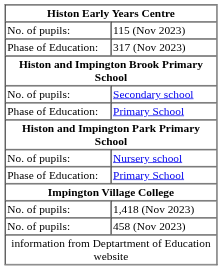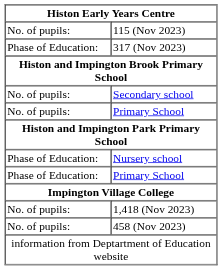 <table border=1 cellpadding="2" cellspacing="0" align="right" width=300 style=margin-left:10px>
 <tr>
 <th colspan=2 align=center>Histon Early Years Centre</th>
 </tr>
 <tr>
 <td width="50%">No. of pupils:</td>
 <td>115 (Nov 2023)</td>
 </tr>
 <tr>
 <td width="50%">Phase of Education:</td>
 <td>317 (Nov 2023)</td>
 </tr>
 <tr>
 <th colspan=2 align=center>Histon and Impington Brook Primary School</th>
 </tr>
 <tr>
 </tr>
 <tr>
 <td width="50%">No. of pupils:</td>
 <td><a href='#'>Secondary school</a></td>
 </tr>
 <tr>
-<td width="50%">Phase of Education:</td>
+<td width="50%">No. of pupils:</td>
 <td><a href='#'>Primary School</a></td>
 </tr>
 <tr>
 <th colspan=2 align=center>Histon and Impington Park Primary School</th>
 </tr>
 <tr>
 </tr>
 <tr>
-<td width="50%">No. of pupils:</td>
+<td width="50%">Phase of Education:</td>
 <td><a href='#'>Nursery school</a></td>
 </tr>
 <tr>
 <td width="50%">Phase of Education:</td>
 <td><a href='#'>Primary School</a></td>
 </tr>
 <tr>
 <th colspan=2 align=center>Impington Village College</th>
 </tr>
 <tr>
 </tr>
 <tr>
 <td width="50%">No. of pupils:</td>
 <td>1,418 (Nov 2023)</td>
 </tr>
 <tr>
 <td width="50%">No. of pupils:</td>
 <td>458 (Nov 2023)</td>
 </tr>
 <tr>
 <td colspan=2 align=center>information from Deptartment of Education website</td>
 </tr>
 <tr>
 </tr>
 </table>
